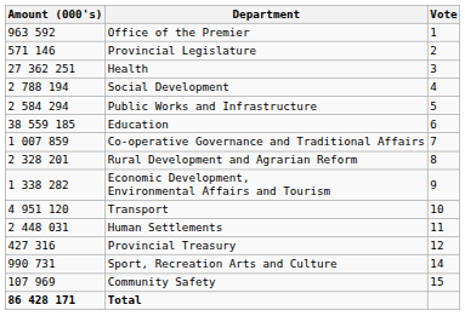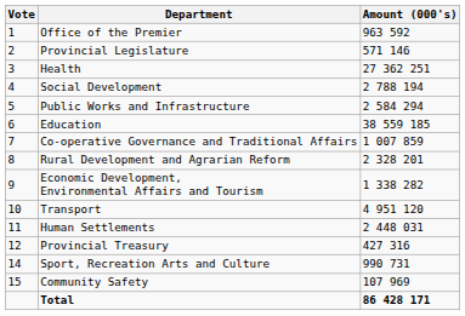 <table class="wikitable">
 <tr>
+<th>Vote</th>
+<th>Department</th>
 <th>Amount (000's)</th>
-<th>Department</th>
-<th>Vote</th>
 </tr>
 <tr>
+<td>1</td>
+<td>Office of the Premier</td>
 <td>963 592</td>
-<td>Office of the Premier</td>
-<td>1</td>
 </tr>
 <tr>
+<td>2</td>
+<td>Provincial Legislature</td>
 <td>571 146</td>
-<td>Provincial Legislature</td>
-<td>2</td>
 </tr>
 <tr>
+<td>3</td>
+<td>Health</td>
 <td>27 362 251</td>
-<td>Health</td>
-<td>3</td>
 </tr>
 <tr>
+<td>4</td>
+<td>Social Development</td>
 <td>2 788 194</td>
-<td>Social Development</td>
-<td>4</td>
 </tr>
 <tr>
+<td>5</td>
+<td>Public Works and Infrastructure</td>
 <td>2 584 294</td>
-<td>Public Works and Infrastructure</td>
-<td>5</td>
 </tr>
 <tr>
+<td>6</td>
+<td>Education</td>
 <td>38 559 185</td>
-<td>Education</td>
-<td>6</td>
 </tr>
 <tr>
+<td>7</td>
+<td>Co-operative Governance and Traditional Affairs</td>
 <td>1 007 859</td>
-<td>Co-operative Governance and Traditional Affairs</td>
-<td>7</td>
 </tr>
 <tr>
+<td>8</td>
+<td>Rural Development and Agrarian Reform</td>
 <td>2 328 201</td>
-<td>Rural Development and Agrarian Reform</td>
-<td>8</td>
 </tr>
 <tr>
+<td>9</td>
+<td>Economic Development,<br>Environmental Affairs and Tourism</td>
 <td>1 338 282</td>
-<td>Economic Development,<br>Environmental Affairs and Tourism</td>
-<td>9</td>
 </tr>
 <tr>
+<td>10</td>
+<td>Transport</td>
 <td>4 951 120</td>
-<td>Transport</td>
-<td>10</td>
 </tr>
 <tr>
+<td>11</td>
+<td>Human Settlements</td>
 <td>2 448 031</td>
-<td>Human Settlements</td>
-<td>11</td>
 </tr>
 <tr>
+<td>12</td>
+<td>Provincial Treasury</td>
 <td>427 316</td>
-<td>Provincial Treasury</td>
-<td>12</td>
 </tr>
 <tr>
+<td>14</td>
+<td>Sport, Recreation Arts and Culture</td>
 <td>990 731</td>
-<td>Sport, Recreation Arts and Culture</td>
-<td>14</td>
 </tr>
 <tr>
+<td>15</td>
+<td>Community Safety</td>
 <td>107 969</td>
-<td>Community Safety</td>
-<td>15</td>
 </tr>
 <tr>
+<td></td>
+<td><strong>Total</strong></td>
 <td><strong>86 428 171</strong></td>
-<td><strong>Total</strong></td>
-<td></td>
 </tr>
 </table>
